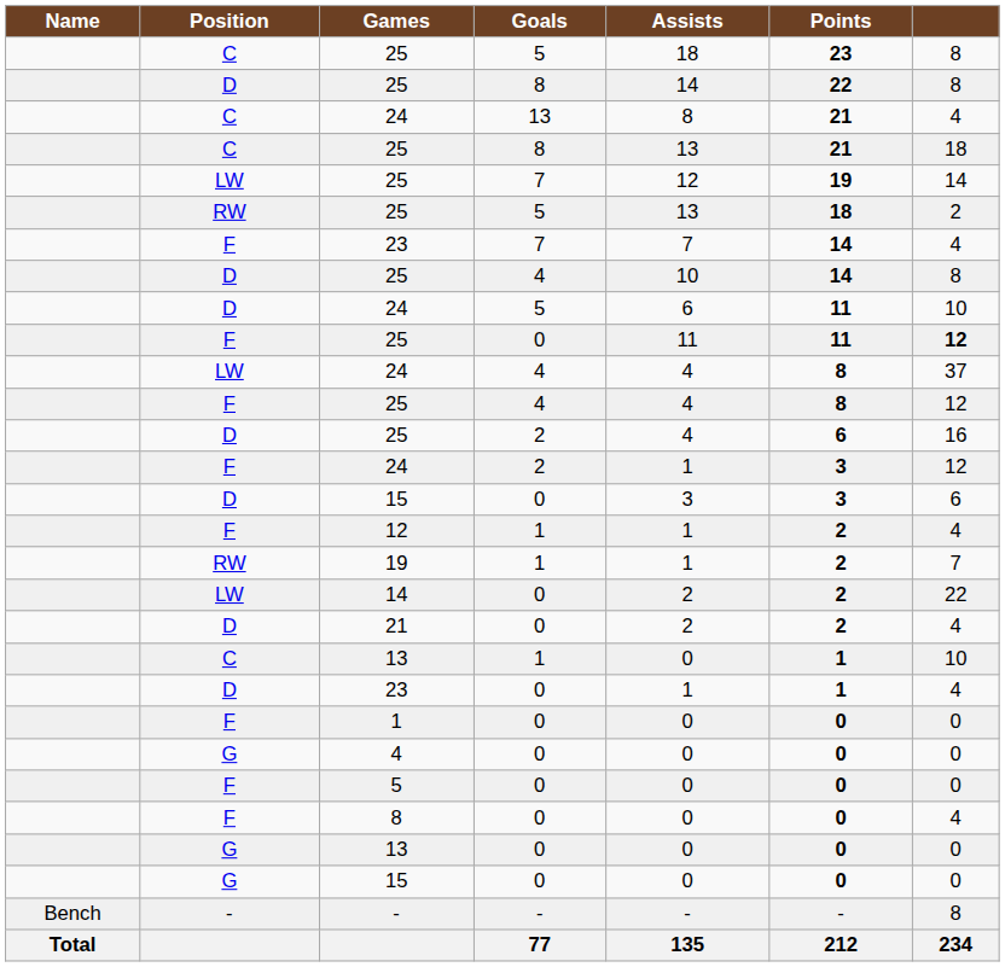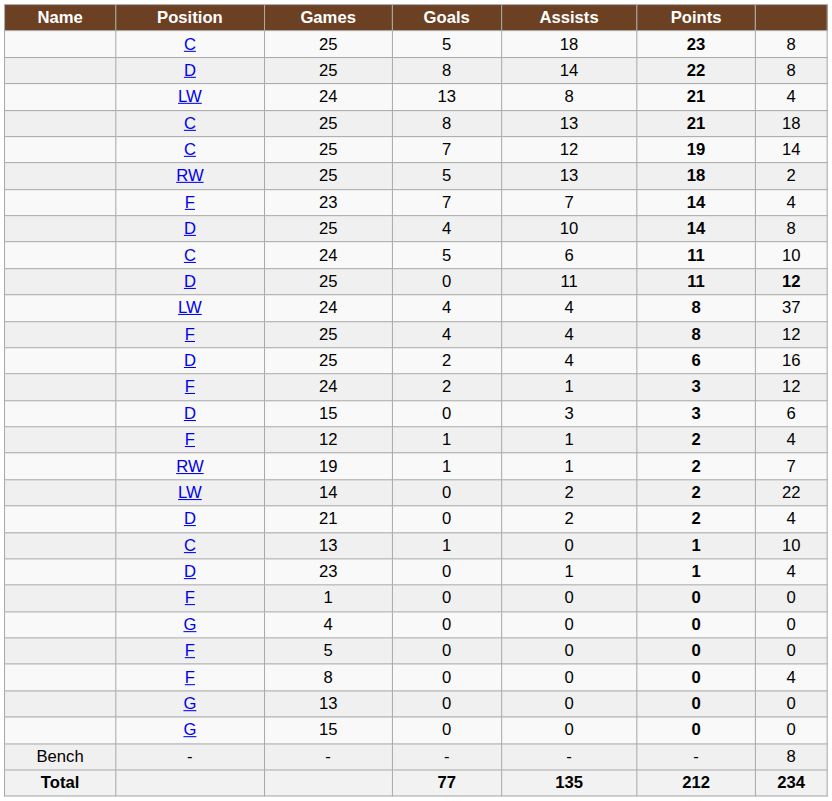 <table class="wikitable sortable" width ="50%">
 <tr align="center">
 <th style="color:white; background:#6C4023; ">Name</th>
 <th style="color:white; background:#6C4023; ">Position</th>
 <th style="color:white; background:#6C4023; ">Games</th>
 <th style="color:white; background:#6C4023; ">Goals</th>
 <th style="color:white; background:#6C4023; ">Assists</th>
 <th style="color:white; background:#6C4023; ">Points</th>
 <th style="color:white; background:#6C4023; "><a href='#'></a></th>
 </tr>
 <tr align="center" bgcolor="">
 <td></td>
 <td><a href='#'>C</a></td>
 <td>25</td>
 <td>5</td>
 <td>18</td>
 <td><strong>23</strong></td>
 <td>8</td>
 </tr>
 <tr align="center" bgcolor="f0f0f0">
 <td></td>
 <td><a href='#'>D</a></td>
 <td>25</td>
 <td>8</td>
 <td>14</td>
 <td><strong>22</strong></td>
 <td>8</td>
 </tr>
 <tr align="center" bgcolor="">
 <td></td>
-<td><a href='#'>C</a></td>
+<td><a href='#'>LW</a></td>
 <td>24</td>
 <td>13</td>
 <td>8</td>
 <td><strong>21</strong></td>
 <td>4</td>
 </tr>
 <tr align="center" bgcolor="f0f0f0">
 <td></td>
 <td><a href='#'>C</a></td>
 <td>25</td>
 <td>8</td>
 <td>13</td>
 <td><strong>21</strong></td>
 <td>18</td>
 </tr>
 <tr align="center" bgcolor="">
 <td></td>
-<td><a href='#'>LW</a></td>
+<td><a href='#'>C</a></td>
 <td>25</td>
 <td>7</td>
 <td>12</td>
 <td><strong>19</strong></td>
 <td>14</td>
 </tr>
 <tr align="center" bgcolor="f0f0f0">
 <td></td>
 <td><a href='#'>RW</a></td>
 <td>25</td>
 <td>5</td>
 <td>13</td>
 <td><strong>18</strong></td>
 <td>2</td>
 </tr>
 <tr align="center" bgcolor="">
 <td></td>
 <td><a href='#'>F</a></td>
 <td>23</td>
 <td>7</td>
 <td>7</td>
 <td><strong>14</strong></td>
 <td>4</td>
 </tr>
 <tr align="center" bgcolor="f0f0f0">
 <td></td>
 <td><a href='#'>D</a></td>
 <td>25</td>
 <td>4</td>
 <td>10</td>
 <td><strong>14</strong></td>
 <td>8</td>
 </tr>
 <tr align="center" bgcolor="">
 <td></td>
-<td><a href='#'>D</a></td>
+<td><a href='#'>C</a></td>
 <td>24</td>
 <td>5</td>
 <td>6</td>
 <td><strong>11</strong></td>
 <td>10</td>
 </tr>
 <tr align="center" bgcolor="f0f0f0">
 <td></td>
-<td><a href='#'>F</a></td>
+<td><a href='#'>D</a></td>
 <td>25</td>
 <td>0</td>
 <td>11</td>
 <td><strong>11</strong></td>
 <td><strong>12</strong></td>
 </tr>
 <tr align="center" bgcolor="">
 <td></td>
 <td><a href='#'>LW</a></td>
 <td>24</td>
 <td>4</td>
 <td>4</td>
 <td><strong>8</strong></td>
 <td>37</td>
 </tr>
 <tr align="center" bgcolor="f0f0f0">
 <td></td>
 <td><a href='#'>F</a></td>
 <td>25</td>
 <td>4</td>
 <td>4</td>
 <td><strong>8</strong></td>
 <td>12</td>
 </tr>
 <tr align="center" bgcolor="">
 <td></td>
 <td><a href='#'>D</a></td>
 <td>25</td>
 <td>2</td>
 <td>4</td>
 <td><strong>6</strong></td>
 <td>16</td>
 </tr>
 <tr align="center" bgcolor="f0f0f0">
 <td></td>
 <td><a href='#'>F</a></td>
 <td>24</td>
 <td>2</td>
 <td>1</td>
 <td><strong>3</strong></td>
 <td>12</td>
 </tr>
 <tr align="center" bgcolor="">
 <td></td>
 <td><a href='#'>D</a></td>
 <td>15</td>
 <td>0</td>
 <td>3</td>
 <td><strong>3</strong></td>
 <td>6</td>
 </tr>
 <tr align="center" bgcolor="f0f0f0">
 <td></td>
 <td><a href='#'>F</a></td>
 <td>12</td>
 <td>1</td>
 <td>1</td>
 <td><strong>2</strong></td>
 <td>4</td>
 </tr>
 <tr align="center" bgcolor="">
 <td></td>
 <td><a href='#'>RW</a></td>
 <td>19</td>
 <td>1</td>
 <td>1</td>
 <td><strong>2</strong></td>
 <td>7</td>
 </tr>
 <tr align="center" bgcolor="f0f0f0">
 <td></td>
 <td><a href='#'>LW</a></td>
 <td>14</td>
 <td>0</td>
 <td>2</td>
 <td><strong>2</strong></td>
 <td>22</td>
 </tr>
 <tr align="center" bgcolor="">
 <td></td>
 <td><a href='#'>D</a></td>
 <td>21</td>
 <td>0</td>
 <td>2</td>
 <td><strong>2</strong></td>
 <td>4</td>
 </tr>
 <tr align="center" bgcolor="f0f0f0">
 <td></td>
 <td><a href='#'>C</a></td>
 <td>13</td>
 <td>1</td>
 <td>0</td>
 <td><strong>1</strong></td>
 <td>10</td>
 </tr>
 <tr align="center" bgcolor="">
 <td></td>
 <td><a href='#'>D</a></td>
 <td>23</td>
 <td>0</td>
 <td>1</td>
 <td><strong>1</strong></td>
 <td>4</td>
 </tr>
 <tr align="center" bgcolor="f0f0f0">
 <td></td>
 <td><a href='#'>F</a></td>
 <td>1</td>
 <td>0</td>
 <td>0</td>
 <td><strong>0</strong></td>
 <td>0</td>
 </tr>
 <tr align="center" bgcolor="">
 <td></td>
 <td><a href='#'>G</a></td>
 <td>4</td>
 <td>0</td>
 <td>0</td>
 <td><strong>0</strong></td>
 <td>0</td>
 </tr>
 <tr align="center" bgcolor="f0f0f0">
 <td></td>
 <td><a href='#'>F</a></td>
 <td>5</td>
 <td>0</td>
 <td>0</td>
 <td><strong>0</strong></td>
 <td>0</td>
 </tr>
 <tr align="center" bgcolor="">
 <td></td>
 <td><a href='#'>F</a></td>
 <td>8</td>
 <td>0</td>
 <td>0</td>
 <td><strong>0</strong></td>
 <td>4</td>
 </tr>
 <tr align="center" bgcolor="f0f0f0">
 <td></td>
 <td><a href='#'>G</a></td>
 <td>13</td>
 <td>0</td>
 <td>0</td>
 <td><strong>0</strong></td>
 <td>0</td>
 </tr>
 <tr align="center" bgcolor="">
 <td></td>
 <td><a href='#'>G</a></td>
 <td>15</td>
 <td>0</td>
 <td>0</td>
 <td><strong>0</strong></td>
 <td>0</td>
 </tr>
 <tr align="center" bgcolor="f0f0f0">
 <td>Bench</td>
 <td>-</td>
 <td>-</td>
 <td>-</td>
 <td>-</td>
 <td>-</td>
 <td>8</td>
 </tr>
 <tr>
 <th>Total</th>
 <th></th>
 <th></th>
 <th>77</th>
 <th>135</th>
 <th>212</th>
 <th>234</th>
 </tr>
 </table>
